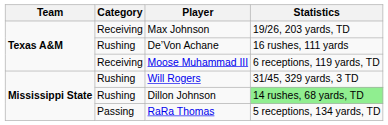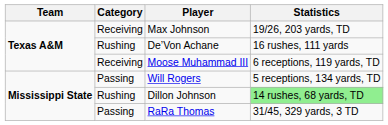 <table class="wikitable" style="float: right;">
 <tr>
 <th>Team</th>
 <th>Category</th>
 <th>Player</th>
 <th>Statistics</th>
 </tr>
 <tr>
 <td rowspan=3><strong>Texas A&M</strong></td>
 <td>Receiving</td>
 <td>Max Johnson</td>
 <td>19/26, 203 yards, TD</td>
 </tr>
 <tr>
 <td>Rushing</td>
 <td>De’Von Achane</td>
 <td>16 rushes, 111 yards</td>
 </tr>
 <tr>
 <td>Receiving</td>
 <td><a href='#'>Moose Muhammad III</a></td>
 <td>6 receptions, 119 yards, TD</td>
 </tr>
 <tr>
 <td rowspan=3><strong>Mississippi State</strong></td>
-<td>Rushing</td>
+<td>Passing</td>
 <td><a href='#'>Will Rogers</a></td>
-<td>31/45, 329 yards, 3 TD</td>
+<td>5 receptions, 134 yards, TD</td>
 </tr>
 <tr>
 <td>Rushing</td>
 <td>Dillon Johnson</td>
 <td style="background: lightgreen;">14 rushes, 68 yards, TD</td>
 </tr>
 <tr>
 <td>Passing</td>
 <td><a href='#'>RaRa Thomas</a></td>
-<td>5 receptions, 134 yards, TD</td>
+<td>31/45, 329 yards, 3 TD</td>
 </tr>
 </table>
